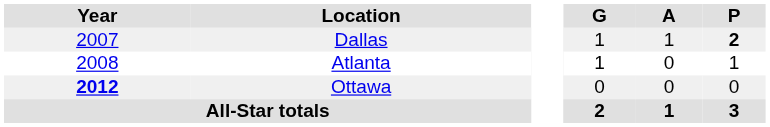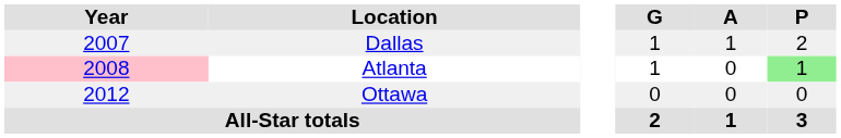 <table border="0" cellpadding="1" cellspacing="0" ID="Table3" style="text-align:center; width:40em">
 <tr bgcolor="#e0e0e0">
 <th>Year</th>
 <th>Location</th>
 <th rowspan="99" bgcolor="#fff"> </th>
 <th>G</th>
 <th>A</th>
 <th>P</th>
 </tr>
 <tr bgcolor="#f0f0f0">
 <td><a href='#'>2007</a></td>
 <td><a href='#'>Dallas</a></td>
 <td>1</td>
 <td>1</td>
-<td><strong>2</strong></td>
+<td>2</td>
 </tr>
 <tr>
-<td><a href='#'>2008</a></td>
+<td style="background: pink;"><a href='#'>2008</a></td>
 <td><a href='#'>Atlanta</a></td>
 <td>1</td>
 <td>0</td>
-<td>1</td>
+<td style="background: lightgreen;">1</td>
 </tr>
 <tr bgcolor="#f0f0f0">
-<td><strong><a href='#'>2012</a></strong></td>
+<td><a href='#'>2012</a></td>
 <td><a href='#'>Ottawa</a></td>
 <td>0</td>
 <td>0</td>
 <td>0</td>
 </tr>
 <tr bgcolor="#e0e0e0">
 <th colspan=2>All-Star totals</th>
 <th>2</th>
 <th>1</th>
 <th>3</th>
 </tr>
 </table>
